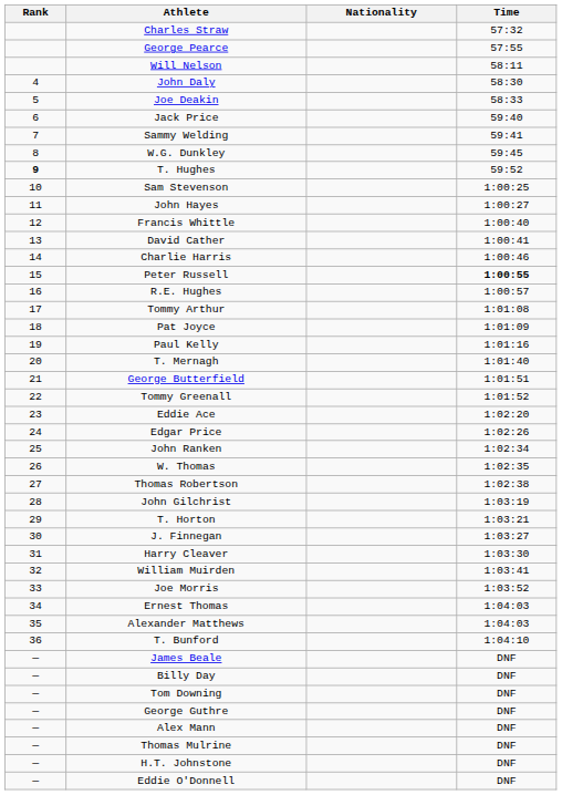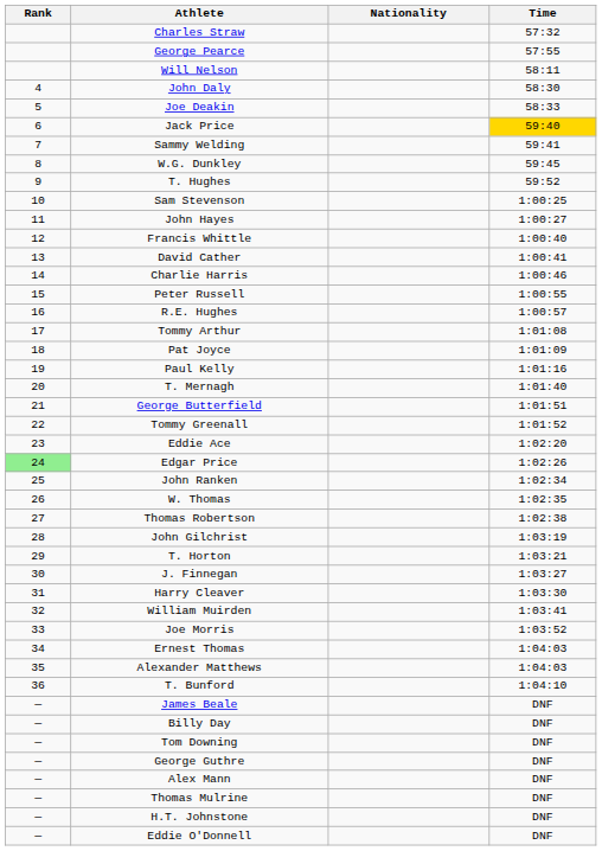 <table class="wikitable sortable" style=" text-align:center; font-size:95%;" width="50%">
 <tr>
 <th>Rank</th>
 <th>Athlete</th>
 <th>Nationality</th>
 <th>Time</th>
 </tr>
 <tr>
 <td align=center></td>
 <td><a href='#'>Charles Straw</a></td>
 <td></td>
 <td>57:32</td>
 </tr>
 <tr>
 <td align=center></td>
 <td><a href='#'>George Pearce</a></td>
 <td></td>
 <td>57:55</td>
 </tr>
 <tr>
 <td align=center></td>
 <td><a href='#'>Will Nelson</a></td>
 <td></td>
 <td>58:11</td>
 </tr>
 <tr>
 <td align=center>4</td>
 <td><a href='#'>John Daly</a></td>
 <td></td>
 <td>58:30</td>
 </tr>
 <tr>
 <td align=center>5</td>
 <td><a href='#'>Joe Deakin</a></td>
 <td></td>
 <td>58:33</td>
 </tr>
 <tr>
 <td align=center>6</td>
 <td>Jack Price</td>
 <td></td>
-<td>59:40</td>
+<td style="background: gold;">59:40</td>
 </tr>
 <tr>
 <td align=center>7</td>
 <td>Sammy Welding</td>
 <td></td>
 <td>59:41</td>
 </tr>
 <tr>
 <td align=center>8</td>
 <td>W.G. Dunkley</td>
 <td></td>
 <td>59:45</td>
 </tr>
 <tr>
-<td align=center><strong>9</strong></td>
+<td align=center>9</td>
 <td>T. Hughes</td>
 <td></td>
 <td>59:52</td>
 </tr>
 <tr>
 <td align=center>10</td>
 <td>Sam Stevenson</td>
 <td></td>
 <td>1:00:25</td>
 </tr>
 <tr>
 <td align=center>11</td>
 <td>John Hayes</td>
 <td></td>
 <td>1:00:27</td>
 </tr>
 <tr>
 <td align=center>12</td>
 <td>Francis Whittle</td>
 <td></td>
 <td>1:00:40</td>
 </tr>
 <tr>
 <td align=center>13</td>
 <td>David Cather</td>
 <td></td>
 <td>1:00:41</td>
 </tr>
 <tr>
 <td align=center>14</td>
 <td>Charlie Harris</td>
 <td></td>
 <td>1:00:46</td>
 </tr>
 <tr>
 <td align=center>15</td>
 <td>Peter Russell</td>
 <td></td>
-<td><strong>1:00:55</strong></td>
+<td>1:00:55</td>
 </tr>
 <tr>
 <td align=center>16</td>
 <td>R.E. Hughes</td>
 <td></td>
 <td>1:00:57</td>
 </tr>
 <tr>
 <td align=center>17</td>
 <td>Tommy Arthur</td>
 <td></td>
 <td>1:01:08</td>
 </tr>
 <tr>
 <td align=center>18</td>
 <td>Pat Joyce</td>
 <td></td>
 <td>1:01:09</td>
 </tr>
 <tr>
 <td align=center>19</td>
 <td>Paul Kelly</td>
 <td></td>
 <td>1:01:16</td>
 </tr>
 <tr>
 <td align=center>20</td>
 <td>T. Mernagh</td>
 <td></td>
 <td>1:01:40</td>
 </tr>
 <tr>
 <td align=center>21</td>
 <td><a href='#'>George Butterfield</a></td>
 <td></td>
 <td>1:01:51</td>
 </tr>
 <tr>
 <td align=center>22</td>
 <td>Tommy Greenall</td>
 <td></td>
 <td>1:01:52</td>
 </tr>
 <tr>
 <td align=center>23</td>
 <td>Eddie Ace</td>
 <td></td>
 <td>1:02:20</td>
 </tr>
 <tr>
-<td align=center>24</td>
+<td align=center style="background: lightgreen;">24</td>
 <td>Edgar Price</td>
 <td></td>
 <td>1:02:26</td>
 </tr>
 <tr>
 <td align=center>25</td>
 <td>John Ranken</td>
 <td></td>
 <td>1:02:34</td>
 </tr>
 <tr>
 <td align=center>26</td>
 <td>W. Thomas</td>
 <td></td>
 <td>1:02:35</td>
 </tr>
 <tr>
 <td align=center>27</td>
 <td>Thomas Robertson</td>
 <td></td>
 <td>1:02:38</td>
 </tr>
 <tr>
 <td align=center>28</td>
 <td>John Gilchrist</td>
 <td></td>
 <td>1:03:19</td>
 </tr>
 <tr>
 <td align=center>29</td>
 <td>T. Horton</td>
 <td></td>
 <td>1:03:21</td>
 </tr>
 <tr>
 <td align=center>30</td>
 <td>J. Finnegan</td>
 <td></td>
 <td>1:03:27</td>
 </tr>
 <tr>
 <td align=center>31</td>
 <td>Harry Cleaver</td>
 <td></td>
 <td>1:03:30</td>
 </tr>
 <tr>
 <td align=center>32</td>
 <td>William Muirden</td>
 <td></td>
 <td>1:03:41</td>
 </tr>
 <tr>
 <td align=center>33</td>
 <td>Joe Morris</td>
 <td></td>
 <td>1:03:52</td>
 </tr>
 <tr>
 <td align=center>34</td>
 <td>Ernest Thomas</td>
 <td></td>
 <td>1:04:03</td>
 </tr>
 <tr>
 <td align=center>35</td>
 <td>Alexander Matthews</td>
 <td></td>
 <td>1:04:03</td>
 </tr>
 <tr>
 <td align=center>36</td>
 <td>T. Bunford</td>
 <td></td>
 <td>1:04:10</td>
 </tr>
 <tr>
 <td align=center>—</td>
 <td><a href='#'>James Beale</a></td>
 <td></td>
 <td>DNF</td>
 </tr>
 <tr>
 <td align=center>—</td>
 <td>Billy Day</td>
 <td></td>
 <td>DNF</td>
 </tr>
 <tr>
 <td align=center>—</td>
 <td>Tom Downing</td>
 <td></td>
 <td>DNF</td>
 </tr>
 <tr>
 <td align=center>—</td>
 <td>George Guthre</td>
 <td></td>
 <td>DNF</td>
 </tr>
 <tr>
 <td align=center>—</td>
 <td>Alex Mann</td>
 <td></td>
 <td>DNF</td>
 </tr>
 <tr>
 <td align=center>—</td>
 <td>Thomas Mulrine</td>
 <td></td>
 <td>DNF</td>
 </tr>
 <tr>
 <td align=center>—</td>
 <td>H.T. Johnstone</td>
 <td></td>
 <td>DNF</td>
 </tr>
 <tr>
 <td align=center>—</td>
 <td>Eddie O'Donnell</td>
 <td></td>
 <td>DNF</td>
 </tr>
 </table>
